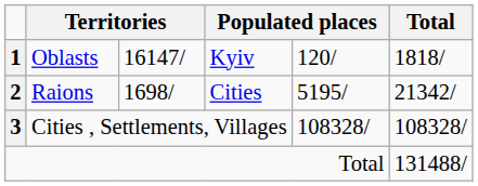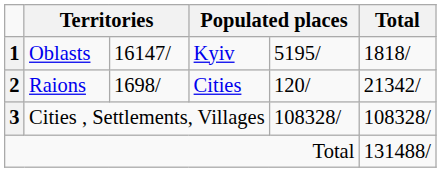 <table class="wikitable">
 <tr>
 <td></td>
 <th colspan=2>Territories</th>
 <th colspan=2>Populated places</th>
 <th>Total</th>
 </tr>
 <tr>
 <th>1</th>
 <td><a href='#'>Oblasts</a></td>
 <td>16147/</td>
 <td><a href='#'>Kyiv</a></td>
-<td>120/</td>
+<td>5195/</td>
 <td>1818/</td>
 </tr>
 <tr>
 <th>2</th>
 <td><a href='#'>Raions</a></td>
 <td>1698/</td>
 <td><a href='#'>Cities </a></td>
-<td>5195/</td>
+<td>120/</td>
 <td>21342/</td>
 </tr>
 <tr>
 <th>3</th>
 <td colspan=3>Cities , Settlements, Villages</td>
 <td>108328/</td>
 <td>108328/</td>
 </tr>
 <tr>
 <td colspan="5" style="text-align:right;">Total</td>
 <td>131488/</td>
 </tr>
 </table>
